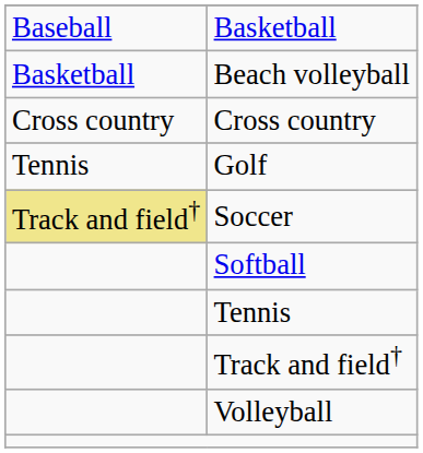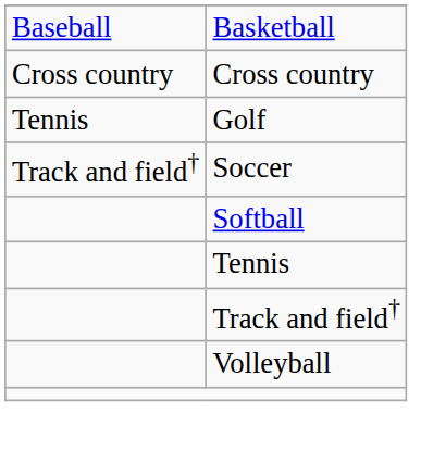 <table class="wikitable">
 <tr>
 </tr>
 <tr>
 <td><a href='#'>Baseball</a></td>
 <td><a href='#'>Basketball</a></td>
-</tr>
-<tr>
-<td><a href='#'>Basketball</a></td>
-<td>Beach volleyball</td>
 </tr>
 <tr>
 <td>Cross country</td>
 <td>Cross country</td>
 </tr>
 <tr>
 <td>Tennis</td>
 <td>Golf</td>
 </tr>
 <tr>
-<td style="background: khaki;">Track and field<sup>†</sup></td>
+<td>Track and field<sup>†</sup></td>
 <td>Soccer</td>
 </tr>
 <tr>
 <td></td>
 <td><a href='#'>Softball</a></td>
 </tr>
 <tr>
 <td></td>
 <td>Tennis</td>
 </tr>
 <tr>
 <td></td>
 <td>Track and field<sup>†</sup></td>
 </tr>
 <tr>
 <td></td>
 <td>Volleyball</td>
 </tr>
 <tr>
 <td colspan="2"></td>
 </tr>
 </table>
